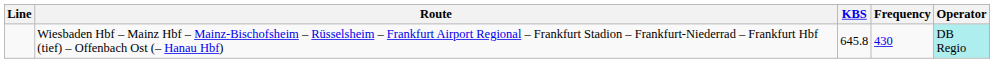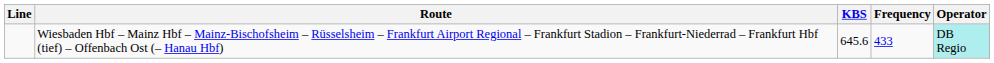 <table class="wikitable" style="width:100%;">
 <tr>
 <th>Line</th>
 <th>Route</th>
 <th style="width:20px;"><a href='#'>KBS</a></th>
 <th><strong>Frequency</strong></th>
 <th>Operator</th>
 </tr>
 <tr>
 <td></td>
 <td>Wiesbaden Hbf – Mainz Hbf – <a href='#'>Mainz-Bischofsheim</a> – <a href='#'>Rüsselsheim</a> – <a href='#'>Frankfurt Airport Regional</a> – Frankfurt Stadion – Frankfurt-Niederrad – Frankfurt Hbf (tief) – Offenbach Ost (– <a href='#'>Hanau Hbf</a>)</td>
-<td>645.8</td>
-<td><a href='#'>430</a></td>
+<td>645.6</td>
+<td><a href='#'>433</a></td>
 <td style="background: paleturquoise;">DB Regio</td>
 </tr>
 </table>
